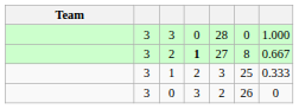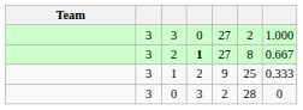 <table class="wikitable" style="text-align: center; font-size:100% ">
 <tr>
 <th width=160>Team</th>
 <th width=25></th>
 <th width=25></th>
 <th width=25></th>
 <th width=25></th>
 <th width=25></th>
 <th width=35></th>
 </tr>
 <tr bgcolor=ccffcc>
 <td align=left></td>
 <td>3</td>
 <td>3</td>
 <td>0</td>
-<td>28</td>
-<td>0</td>
+<td>27</td>
+<td>2</td>
 <td>1.000</td>
 </tr>
 <tr bgcolor=ccffcc>
 <td align=left></td>
 <td>3</td>
 <td>2</td>
 <td><strong>1</strong></td>
 <td>27</td>
 <td>8</td>
 <td>0.667</td>
 </tr>
 <tr>
 <td align=left></td>
 <td>3</td>
 <td>1</td>
 <td>2</td>
-<td>3</td>
+<td>9</td>
 <td>25</td>
 <td>0.333</td>
 </tr>
 <tr>
 <td align=left></td>
 <td>3</td>
 <td>0</td>
 <td>3</td>
 <td>2</td>
-<td>26</td>
+<td>28</td>
 <td>0</td>
 </tr>
 </table>
